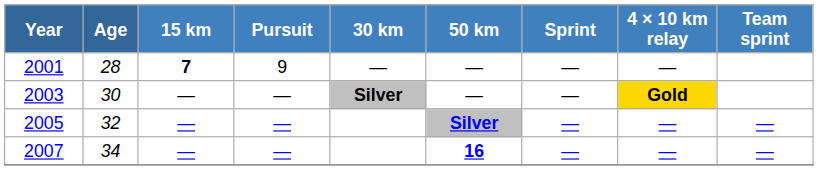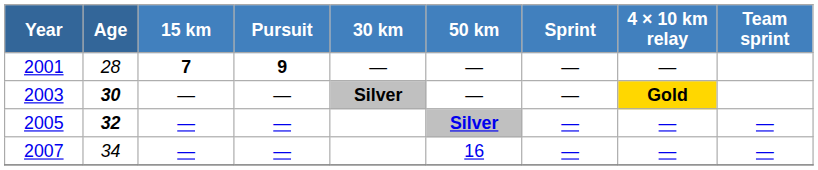 <table class="wikitable" style="font-size:95%; text-align:center; border:grey solid 1px; border-collapse:collapse; background:#ffffff;">
 <tr>
 <th style="background-color:#369; color:white; width:60px;"> Year </th>
 <th style="background-color:#369; color:white; width:40px;"> Age </th>
 <th style="background-color:#4180be; color:white; width:75px;"> 15 km </th>
 <th style="background-color:#4180be; color:white; width:75px;"> Pursuit </th>
 <th style="background-color:#4180be; color:white; width:75px;"> 30 km </th>
 <th style="background-color:#4180be; color:white; width:75px;"> 50 km </th>
 <th style="background-color:#4180be; color:white; width:75px;"> Sprint </th>
 <th style="background-color:#4180be; color:white; width:75px;"> 4 × 10 km <br> relay </th>
 <th style="background-color:#4180be; color:white; width:75px;"> Team <br> sprint </th>
 </tr>
 <tr>
 <td><a href='#'>2001</a></td>
 <td><em>28</em></td>
 <td><strong>7</strong></td>
-<td>9</td>
+<td><strong>9</strong></td>
 <td>—</td>
 <td>—</td>
 <td>—</td>
 <td>—</td>
 <td></td>
 </tr>
 <tr>
 <td><a href='#'>2003</a></td>
-<td><em>30</em></td>
+<td><strong><em>30</em></strong></td>
 <td>—</td>
 <td>—</td>
 <td style="background:silver;"><strong>Silver</strong></td>
 <td>—</td>
 <td>—</td>
 <td style="background:gold;"><strong>Gold</strong></td>
 <td></td>
 </tr>
 <tr>
 <td><a href='#'>2005</a></td>
-<td><em>32</em></td>
+<td><strong><em>32</em></strong></td>
 <td><a href='#'>—</a></td>
 <td><a href='#'>—</a></td>
 <td></td>
 <td style="background:silver;"><a href='#'><strong>Silver</strong></a></td>
 <td><a href='#'>—</a></td>
 <td><a href='#'>—</a></td>
 <td><a href='#'>—</a></td>
 </tr>
 <tr>
 <td><a href='#'>2007</a></td>
 <td><em>34</em></td>
 <td><a href='#'>—</a></td>
 <td><a href='#'>—</a></td>
 <td></td>
-<td><strong><a href='#'>16</a></strong></td>
+<td><a href='#'>16</a></td>
 <td><a href='#'>—</a></td>
 <td><a href='#'>—</a></td>
 <td><a href='#'>—</a></td>
 </tr>
 <tr>
 </tr>
 </table>
